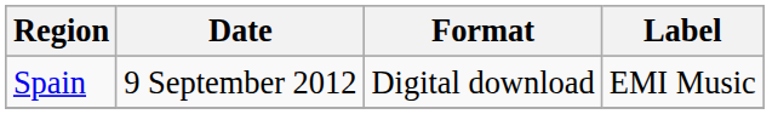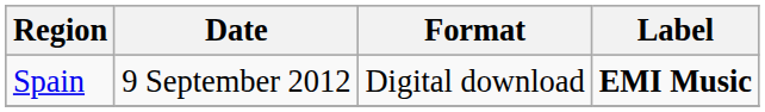 <table class=wikitable>
 <tr>
 <th>Region</th>
 <th>Date</th>
 <th>Format</th>
 <th>Label</th>
 </tr>
 <tr>
 <td><a href='#'>Spain</a></td>
 <td>9 September 2012</td>
 <td>Digital download</td>
-<td>EMI Music</td>
+<td><strong>EMI Music</strong></td>
 </tr>
 <tr>
 </tr>
 </table>
